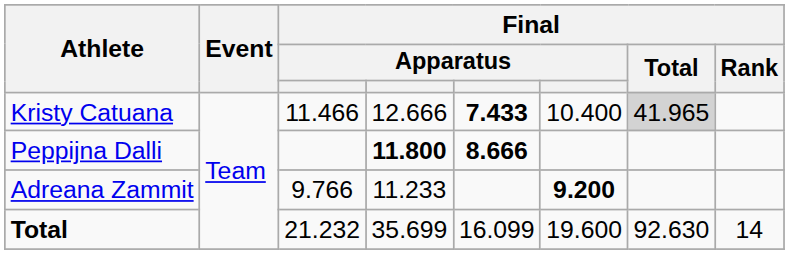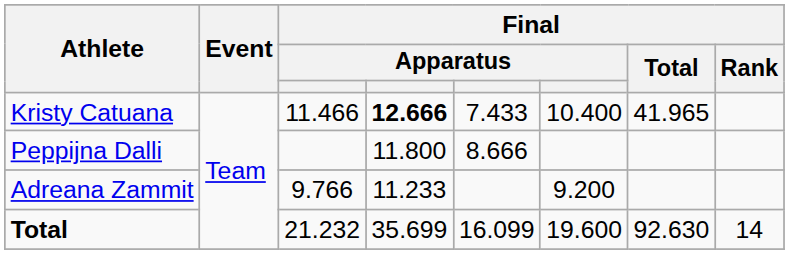 <table class="wikitable" style="font-size:90%">
 <tr>
 <th rowspan=3>Athlete</th>
 <th rowspan=3>Event</th>
 <th colspan=6>Final</th>
 </tr>
 <tr style="font-size:95%">
 <th colspan=4>Apparatus</th>
 <th rowspan=2>Total</th>
 <th rowspan=2>Rank</th>
 </tr>
 <tr style="font-size:95%">
 <th></th>
 <th></th>
 <th></th>
 <th></th>
 </tr>
 <tr align=center>
 <td align=left><a href='#'>Kristy Catuana</a></td>
 <td align=left rowspan=4><a href='#'>Team</a></td>
 <td>11.466</td>
-<td>12.666</td>
-<td><strong>7.433</strong></td>
+<td><strong>12.666</strong></td>
+<td>7.433</td>
 <td>10.400</td>
-<td style="background: lightgrey;">41.965</td>
+<td>41.965</td>
 <td></td>
 </tr>
 <tr align=center>
 <td align=left><a href='#'>Peppijna Dalli</a></td>
 <td></td>
-<td><strong>11.800</strong></td>
-<td><strong>8.666</strong></td>
+<td>11.800</td>
+<td>8.666</td>
 <td></td>
 <td></td>
 <td></td>
 </tr>
 <tr align=center>
 <td align=left><a href='#'>Adreana Zammit</a></td>
 <td>9.766</td>
 <td>11.233</td>
 <td></td>
-<td><strong>9.200</strong></td>
+<td>9.200</td>
 <td></td>
 <td></td>
 </tr>
 <tr align=center>
 <td align=left><strong>Total</strong></td>
 <td>21.232</td>
 <td>35.699</td>
 <td>16.099</td>
 <td>19.600</td>
 <td>92.630</td>
 <td>14</td>
 </tr>
 </table>
